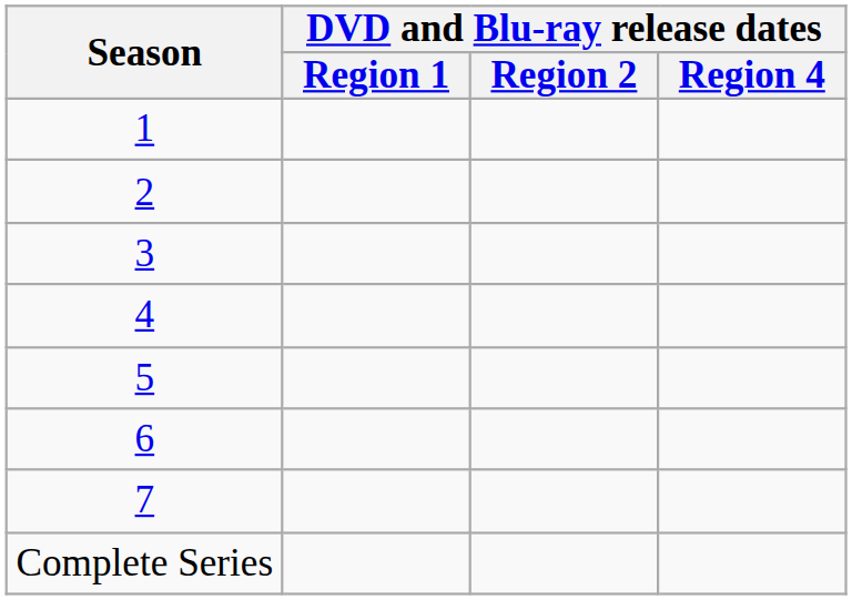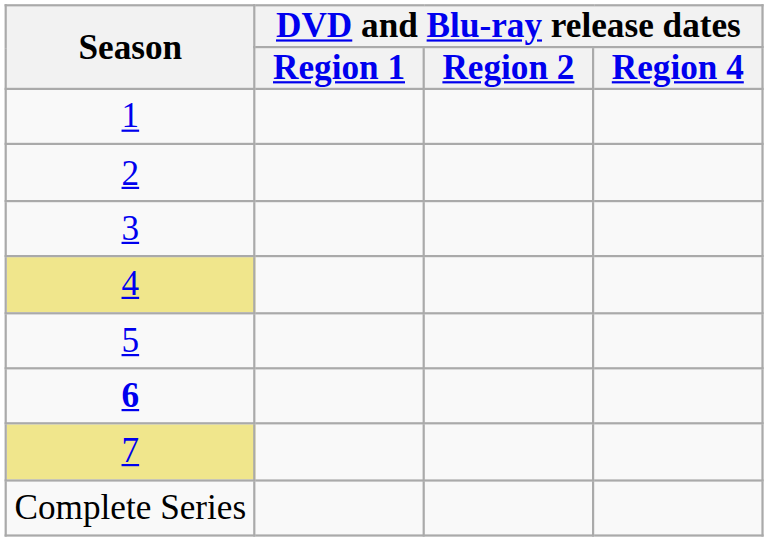 <table class="wikitable plainrowheaders" style="text-align: center; float:right">
 <tr>
 <th style="padding:0 8px;" rowspan="2">Season</th>
 <th scope="col" style="padding:0 8px" colspan="3"><a href='#'>DVD</a> and <a href='#'>Blu-ray</a> release dates</th>
 </tr>
 <tr>
 <th style="padding: 0 8px"><a href='#'>Region 1</a></th>
 <th style="padding: 0 8px"><a href='#'>Region 2</a></th>
 <th style="padding: 0 8px"><a href='#'>Region 4</a></th>
 </tr>
 <tr>
 <td><a href='#'>1</a></td>
 <td></td>
 <td></td>
 <td></td>
 </tr>
 <tr>
 <td><a href='#'>2</a></td>
 <td></td>
 <td></td>
 <td></td>
 </tr>
 <tr>
 <td><a href='#'>3</a></td>
 <td></td>
 <td></td>
 <td></td>
 </tr>
 <tr>
-<td><a href='#'>4</a></td>
+<td style="background: khaki;"><a href='#'>4</a></td>
 <td></td>
 <td></td>
 <td></td>
 </tr>
 <tr>
 <td><a href='#'>5</a></td>
 <td></td>
 <td></td>
 <td></td>
 </tr>
 <tr>
-<td><a href='#'>6</a></td>
+<td><strong><a href='#'>6</a></strong></td>
 <td></td>
 <td></td>
 <td></td>
 </tr>
 <tr>
-<td><a href='#'>7</a></td>
+<td style="background: khaki;"><a href='#'>7</a></td>
 <td></td>
 <td></td>
 <td></td>
 </tr>
 <tr>
 <td>Complete Series</td>
 <td></td>
 <td></td>
 <td></td>
 </tr>
 </table>
